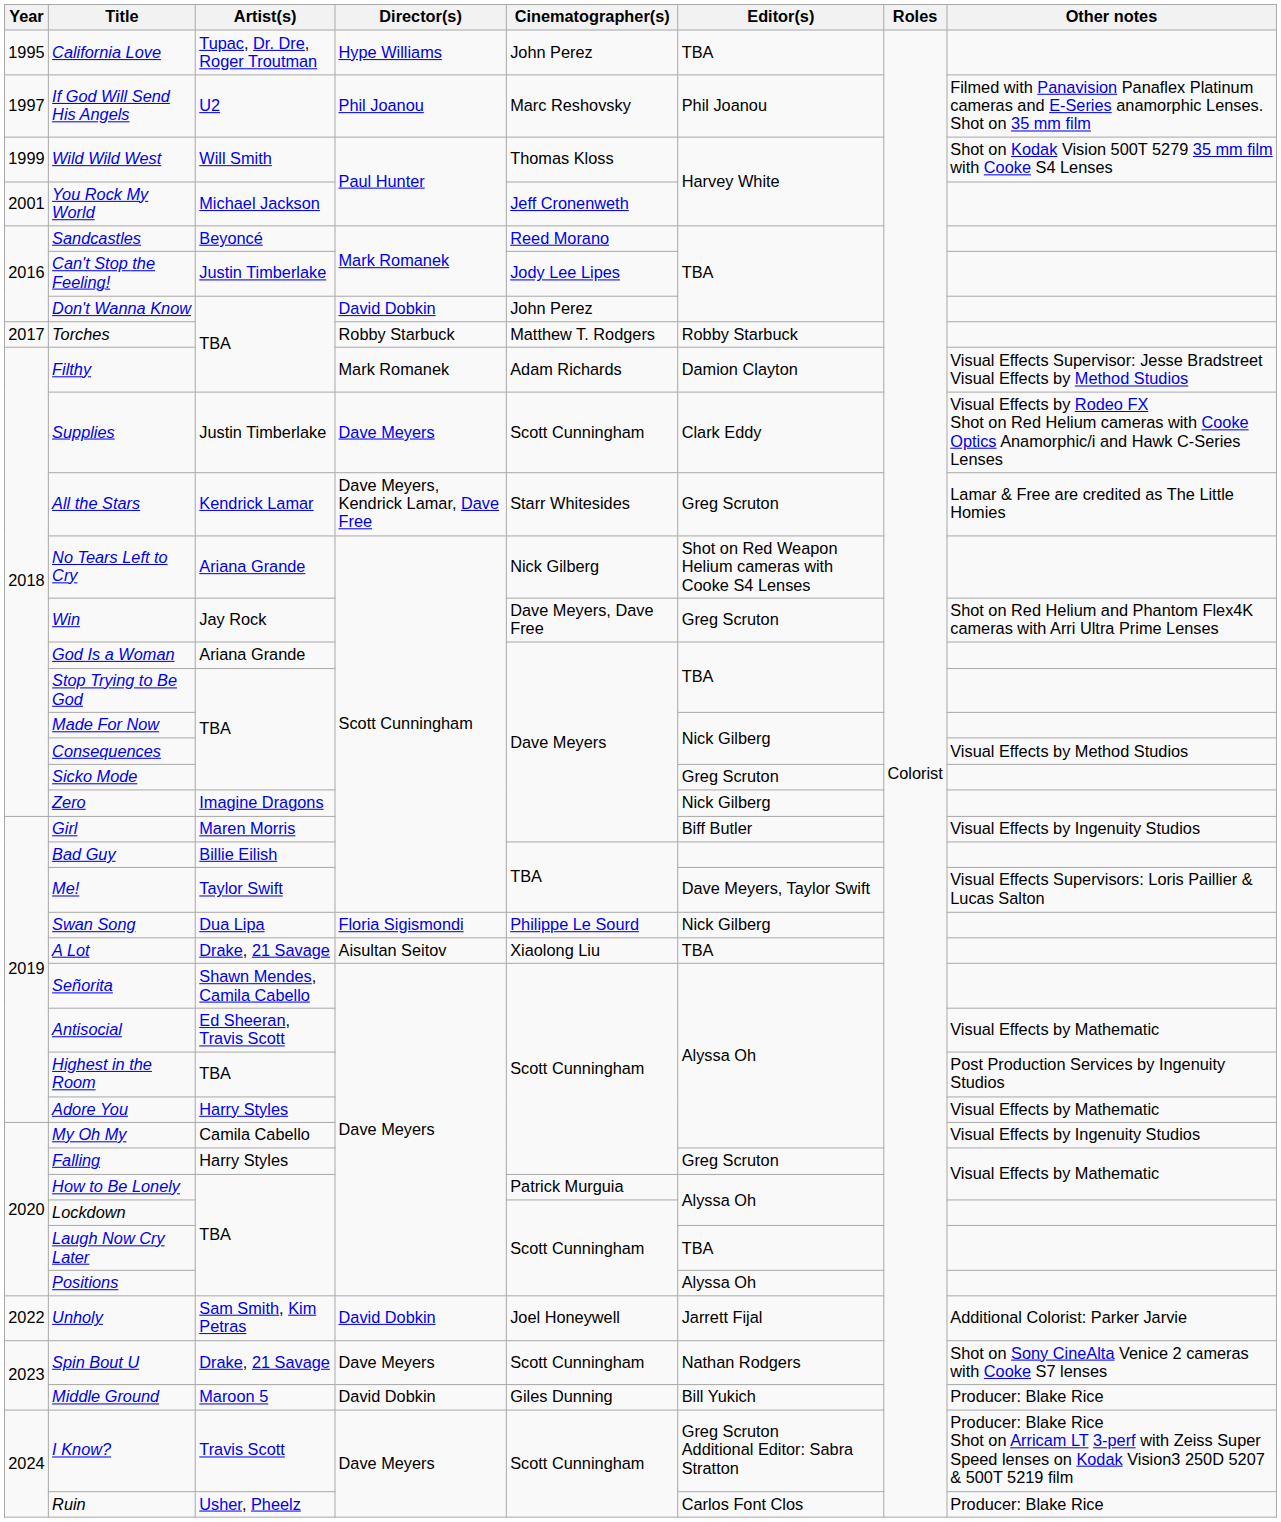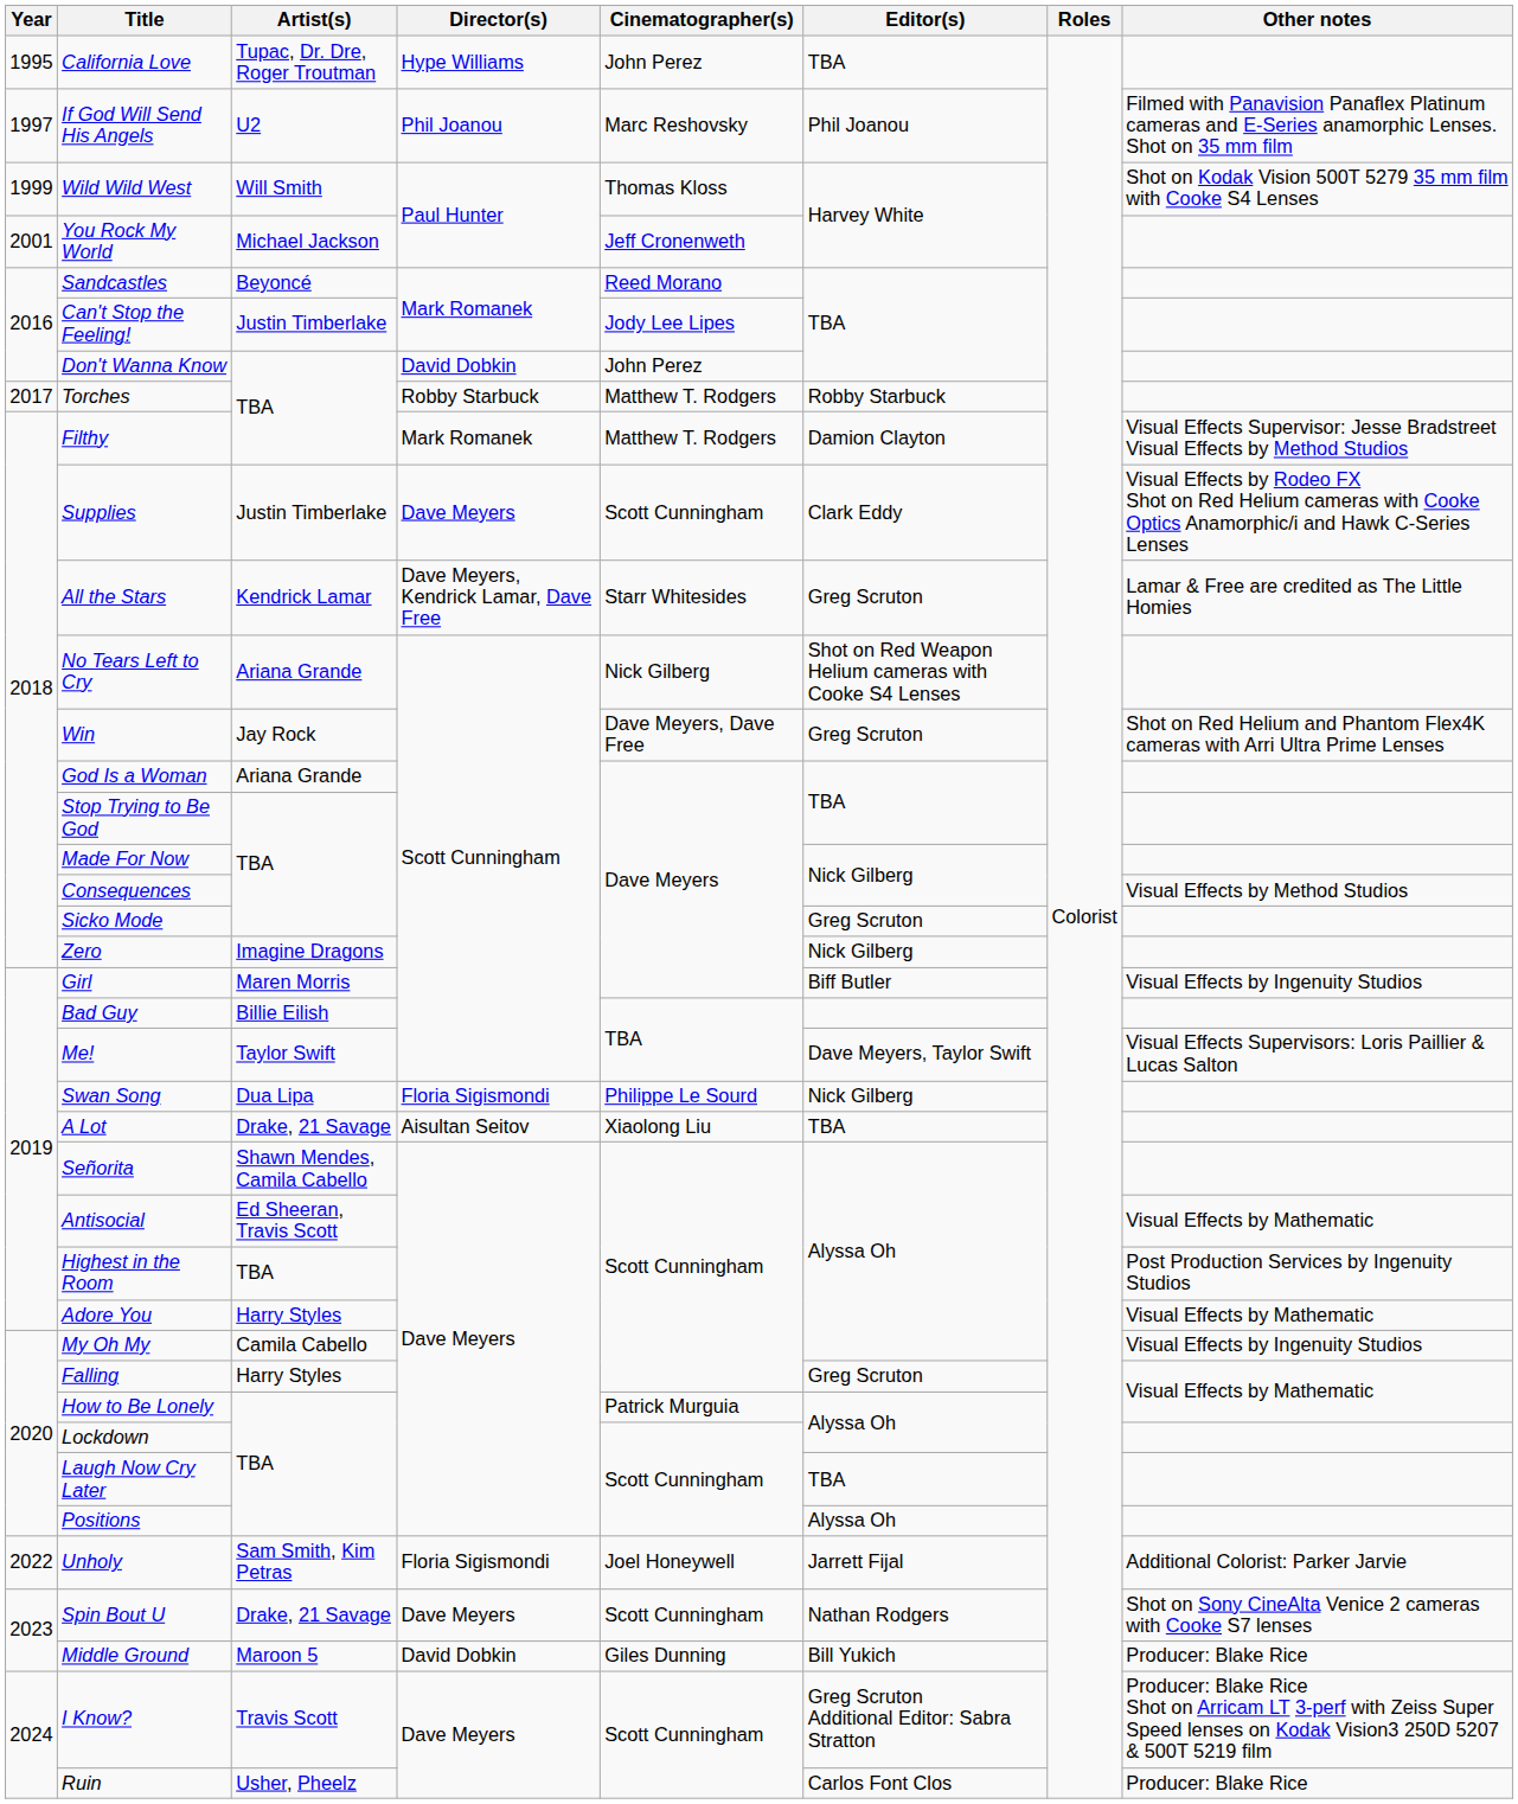 <table class="wikitable">
 <tr>
 <th>Year</th>
 <th>Title</th>
 <th>Artist(s)</th>
 <th>Director(s)</th>
 <th>Cinematographer(s)</th>
 <th>Editor(s)</th>
 <th>Roles</th>
 <th>Other notes</th>
 </tr>
 <tr>
 <td>1995</td>
 <td><em><a href='#'>California Love</a></em></td>
 <td><a href='#'>Tupac</a>, <a href='#'>Dr. Dre</a>, <a href='#'>Roger Troutman</a></td>
 <td><a href='#'>Hype Williams</a></td>
 <td>John Perez</td>
 <td>TBA</td>
 <td rowspan="41">Colorist</td>
 <td></td>
 </tr>
 <tr>
 <td>1997</td>
 <td><em><a href='#'>If God Will Send His Angels</a></em></td>
 <td><a href='#'>U2</a></td>
 <td><a href='#'>Phil Joanou</a></td>
 <td>Marc Reshovsky</td>
 <td>Phil Joanou</td>
 <td>Filmed with <a href='#'>Panavision</a> Panaflex Platinum cameras and <a href='#'>E-Series</a> anamorphic Lenses. Shot on <a href='#'>35 mm film</a></td>
 </tr>
 <tr>
 <td>1999</td>
 <td><em><a href='#'>Wild Wild West</a></em></td>
 <td><a href='#'>Will Smith</a></td>
 <td rowspan="2"><a href='#'>Paul Hunter</a></td>
 <td>Thomas Kloss</td>
 <td rowspan="2">Harvey White</td>
 <td>Shot on <a href='#'>Kodak</a> Vision 500T 5279 <a href='#'>35 mm film</a> with <a href='#'>Cooke</a> S4 Lenses</td>
 </tr>
 <tr>
 <td>2001</td>
 <td><em><a href='#'>You Rock My World</a></em></td>
 <td><a href='#'>Michael Jackson</a></td>
 <td><a href='#'>Jeff Cronenweth</a></td>
 <td></td>
 </tr>
 <tr>
 <td rowspan="3">2016</td>
 <td><em><a href='#'>Sandcastles</a></em></td>
 <td><a href='#'>Beyoncé</a></td>
 <td rowspan="2"><a href='#'>Mark Romanek</a></td>
 <td><a href='#'>Reed Morano</a></td>
 <td rowspan="3">TBA</td>
 <td></td>
 </tr>
 <tr>
 <td><em><a href='#'>Can't Stop the Feeling!</a></em></td>
 <td><a href='#'>Justin Timberlake</a></td>
 <td><a href='#'>Jody Lee Lipes</a></td>
 <td></td>
 </tr>
 <tr>
 <td><em><a href='#'>Don't Wanna Know</a></em></td>
 <td rowspan="3">TBA</td>
 <td><a href='#'>David Dobkin</a></td>
 <td>John Perez</td>
 <td></td>
 </tr>
 <tr>
 <td>2017</td>
 <td><em>Torches</em></td>
 <td>Robby Starbuck</td>
 <td>Matthew T. Rodgers</td>
 <td>Robby Starbuck</td>
 <td></td>
 </tr>
 <tr>
 <td rowspan="11">2018</td>
 <td><em><a href='#'>Filthy</a></em></td>
 <td>Mark Romanek</td>
-<td>Adam Richards</td>
+<td>Matthew T. Rodgers</td>
 <td>Damion Clayton</td>
 <td>Visual Effects Supervisor: Jesse Bradstreet<br>Visual Effects by <a href='#'>Method Studios</a></td>
 </tr>
 <tr>
 <td><em><a href='#'>Supplies</a></em></td>
 <td>Justin Timberlake</td>
 <td><a href='#'>Dave Meyers</a></td>
 <td>Scott Cunningham</td>
 <td>Clark Eddy</td>
 <td>Visual Effects by <a href='#'>Rodeo FX</a><br>Shot on Red Helium cameras with <a href='#'>Cooke Optics</a> Anamorphic/i and Hawk C-Series Lenses</td>
 </tr>
 <tr>
 <td><em><a href='#'>All the Stars</a></em></td>
 <td><a href='#'>Kendrick Lamar</a></td>
 <td>Dave Meyers, Kendrick Lamar, <a href='#'>Dave Free</a></td>
 <td>Starr Whitesides</td>
 <td>Greg Scruton</td>
 <td>Lamar & Free are credited as The Little Homies</td>
 </tr>
 <tr>
 <td><em><a href='#'>No Tears Left to Cry</a></em></td>
 <td><a href='#'>Ariana Grande</a></td>
 <td rowspan="11">Scott Cunningham</td>
 <td>Nick Gilberg</td>
 <td>Shot on Red Weapon Helium cameras with Cooke S4 Lenses</td>
 </tr>
 <tr>
 <td><em><a href='#'>Win</a></em></td>
 <td>Jay Rock</td>
 <td>Dave Meyers, Dave Free</td>
 <td>Greg Scruton</td>
 <td>Shot on Red Helium and Phantom Flex4K cameras with Arri Ultra Prime Lenses</td>
 </tr>
 <tr>
 <td><em><a href='#'>God Is a Woman</a></em></td>
 <td>Ariana Grande</td>
 <td rowspan="7">Dave Meyers</td>
 <td rowspan="2">TBA</td>
 <td></td>
 </tr>
 <tr>
 <td><em><a href='#'>Stop Trying to Be God</a></em></td>
 <td rowspan="4">TBA</td>
 <td></td>
 </tr>
 <tr>
 <td><em><a href='#'>Made For Now</a></em></td>
 <td rowspan="2">Nick Gilberg</td>
 <td></td>
 </tr>
 <tr>
 <td><em><a href='#'>Consequences</a></em></td>
 <td>Visual Effects by Method Studios</td>
 </tr>
 <tr>
 <td><em><a href='#'>Sicko Mode</a></em></td>
 <td>Greg Scruton</td>
 <td></td>
 </tr>
 <tr>
 <td><em><a href='#'>Zero</a></em></td>
 <td><a href='#'>Imagine Dragons</a></td>
 <td>Nick Gilberg</td>
 <td></td>
 </tr>
 <tr>
 <td rowspan="9">2019</td>
 <td><em><a href='#'>Girl</a></em></td>
 <td><a href='#'>Maren Morris</a></td>
 <td>Biff Butler</td>
 <td>Visual Effects by Ingenuity Studios</td>
 </tr>
 <tr>
 <td><em><a href='#'>Bad Guy</a></em></td>
 <td><a href='#'>Billie Eilish</a></td>
 <td rowspan="2">TBA</td>
 <td></td>
 </tr>
 <tr>
 <td><em><a href='#'>Me!</a></em></td>
 <td><a href='#'>Taylor Swift</a></td>
 <td>Dave Meyers, Taylor Swift</td>
 <td>Visual Effects Supervisors: Loris Paillier & Lucas Salton</td>
 </tr>
 <tr>
 <td><em><a href='#'>Swan Song</a></em></td>
 <td><a href='#'>Dua Lipa</a></td>
 <td><a href='#'>Floria Sigismondi</a></td>
 <td><a href='#'>Philippe Le Sourd</a></td>
 <td>Nick Gilberg</td>
 <td></td>
 </tr>
 <tr>
 <td><em><a href='#'>A Lot</a></em></td>
 <td><a href='#'>Drake</a>, <a href='#'>21 Savage</a></td>
 <td>Aisultan Seitov</td>
 <td>Xiaolong Liu</td>
 <td>TBA</td>
 <td></td>
 </tr>
 <tr>
 <td><em><a href='#'>Señorita</a></em></td>
 <td><a href='#'>Shawn Mendes</a>, <a href='#'>Camila Cabello</a></td>
 <td rowspan="10">Dave Meyers</td>
 <td rowspan="6">Scott Cunningham</td>
 <td rowspan="5">Alyssa Oh</td>
 <td></td>
 </tr>
 <tr>
 <td><em><a href='#'>Antisocial</a></em></td>
 <td><a href='#'>Ed Sheeran</a>, <a href='#'>Travis Scott</a></td>
 <td>Visual Effects by Mathematic</td>
 </tr>
 <tr>
 <td><em><a href='#'>Highest in the Room</a></em></td>
 <td>TBA</td>
 <td>Post Production Services by Ingenuity Studios</td>
 </tr>
 <tr>
 <td><em><a href='#'>Adore You</a></em></td>
 <td><a href='#'>Harry Styles</a></td>
 <td>Visual Effects by Mathematic</td>
 </tr>
 <tr>
 <td rowspan="6">2020</td>
 <td><em><a href='#'>My Oh My</a></em></td>
 <td>Camila Cabello</td>
 <td>Visual Effects by Ingenuity Studios</td>
 </tr>
 <tr>
 <td><em><a href='#'>Falling</a></em></td>
 <td>Harry Styles</td>
 <td>Greg Scruton</td>
 <td rowspan="2">Visual Effects by Mathematic</td>
 </tr>
 <tr>
 <td><em><a href='#'>How to Be Lonely</a></em></td>
 <td rowspan="4'">TBA</td>
 <td>Patrick Murguia</td>
 <td rowspan="2">Alyssa Oh</td>
 </tr>
 <tr>
 <td><em>Lockdown</em></td>
 <td rowspan="3">Scott Cunningham</td>
 <td></td>
 </tr>
 <tr>
 <td><em><a href='#'>Laugh Now Cry Later</a></em></td>
 <td>TBA</td>
 <td></td>
 </tr>
 <tr>
 <td><em><a href='#'>Positions</a></em></td>
 <td>Alyssa Oh</td>
 <td></td>
 </tr>
 <tr>
 <td>2022</td>
 <td><em><a href='#'>Unholy</a></em></td>
 <td><a href='#'>Sam Smith</a>, <a href='#'>Kim Petras</a></td>
-<td><a href='#'>David Dobkin</a></td>
+<td>Floria Sigismondi</td>
 <td>Joel Honeywell</td>
 <td>Jarrett Fijal</td>
 <td>Additional Colorist: Parker Jarvie</td>
 </tr>
 <tr>
 <td rowspan="2">2023</td>
 <td><em><a href='#'>Spin Bout U</a></em></td>
 <td><a href='#'>Drake</a>, <a href='#'>21 Savage</a></td>
 <td>Dave Meyers</td>
 <td>Scott Cunningham</td>
 <td>Nathan Rodgers</td>
 <td>Shot on <a href='#'>Sony CineAlta</a> Venice 2 cameras with <a href='#'>Cooke</a> S7 lenses</td>
 </tr>
 <tr>
 <td><em><a href='#'>Middle Ground</a></em></td>
 <td><a href='#'>Maroon 5</a></td>
 <td>David Dobkin</td>
 <td>Giles Dunning</td>
 <td>Bill Yukich</td>
 <td>Producer: Blake Rice</td>
 </tr>
 <tr>
 <td rowspan="2">2024</td>
 <td><em><a href='#'>I Know?</a></em></td>
 <td><a href='#'>Travis Scott</a></td>
 <td rowspan="2">Dave Meyers</td>
 <td rowspan="2">Scott Cunningham</td>
 <td>Greg Scruton<br>Additional Editor: Sabra Stratton</td>
 <td>Producer: Blake Rice<br>Shot on <a href='#'>Arricam LT</a> <a href='#'>3-perf</a> with Zeiss Super Speed lenses on <a href='#'>Kodak</a> Vision3 250D 5207 & 500T 5219 film</td>
 </tr>
 <tr>
 <td><em>Ruin</em></td>
 <td><a href='#'>Usher</a>, <a href='#'>Pheelz</a></td>
 <td>Carlos Font Clos</td>
 <td>Producer: Blake Rice</td>
 </tr>
 </table>
